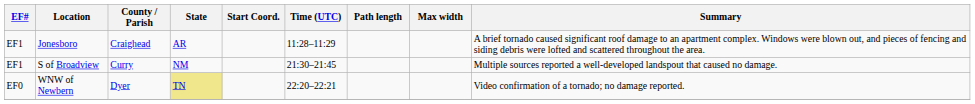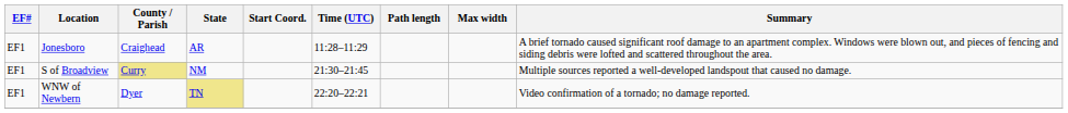 <table class="wikitable sortable" style="width:100%;">
 <tr>
 <th scope="col"  style="width:3%; text-align:center;"><a href='#'>EF#</a></th>
 <th scope="col"  style="width:7%; text-align:center;" class="unsortable">Location</th>
 <th scope="col"  style="width:6%; text-align:center;" class="unsortable">County / Parish</th>
 <th scope="col"  style="width:5%; text-align:center;">State</th>
 <th scope="col"  style="width:6%; text-align:center;">Start Coord.</th>
 <th scope="col"  style="width:6%; text-align:center;">Time (<a href='#'>UTC</a>)</th>
 <th scope="col"  style="width:6%; text-align:center;">Path length</th>
 <th scope="col"  style="width:6%; text-align:center;">Max width</th>
 <th scope="col" class="unsortable" style="width:48%; text-align:center;">Summary</th>
 </tr>
 <tr>
 <td>EF1</td>
 <td><a href='#'>Jonesboro</a></td>
 <td><a href='#'>Craighead</a></td>
 <td><a href='#'>AR</a></td>
 <td></td>
 <td>11:28–11:29</td>
 <td></td>
 <td></td>
 <td>A brief tornado caused significant roof damage to an apartment complex. Windows were blown out, and pieces of fencing and siding debris were lofted and scattered throughout the area.</td>
 </tr>
 <tr>
 <td>EF1</td>
 <td>S of <a href='#'>Broadview</a></td>
-<td><a href='#'>Curry</a></td>
+<td style="background: khaki;"><a href='#'>Curry</a></td>
 <td><a href='#'>NM</a></td>
 <td></td>
 <td>21:30–21:45</td>
 <td></td>
 <td></td>
 <td>Multiple sources reported a well-developed landspout that caused no damage.</td>
 </tr>
 <tr>
-<td>EF0</td>
+<td>EF1</td>
 <td>WNW of <a href='#'>Newbern</a></td>
 <td><a href='#'>Dyer</a></td>
 <td style="background: khaki;"><a href='#'>TN</a></td>
 <td></td>
 <td>22:20–22:21</td>
 <td></td>
 <td></td>
 <td>Video confirmation of a tornado; no damage reported.</td>
 </tr>
 <tr>
 </tr>
 </table>
